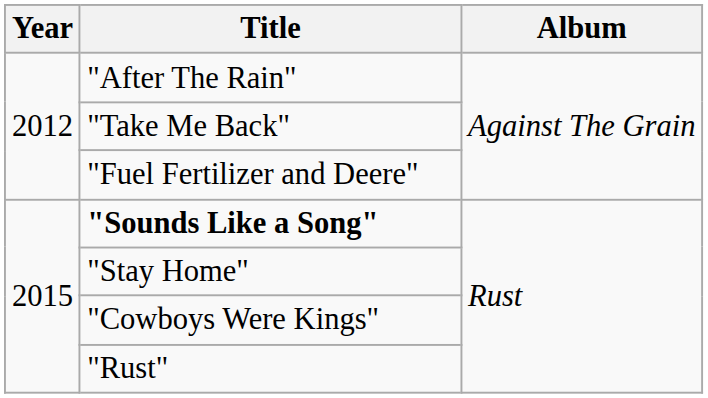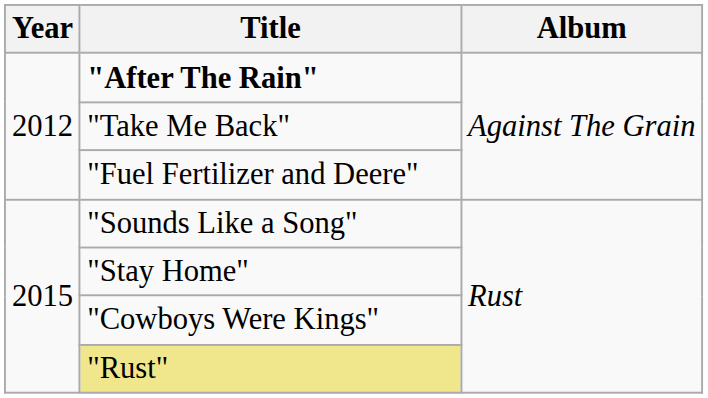 <table class="wikitable plainrowheaders">
 <tr>
 <th>Year</th>
 <th style="width:12em;">Title</th>
 <th>Album</th>
 </tr>
 <tr>
 <td rowspan="3">2012</td>
-<td>"After The Rain"</td>
+<td><strong>"After The Rain"</strong></td>
 <td rowspan="3"><em>Against The Grain</em></td>
 </tr>
 <tr>
 <td>"Take Me Back"</td>
 </tr>
 <tr>
 <td>"Fuel Fertilizer and Deere"</td>
 </tr>
 <tr>
 <td rowspan="4">2015</td>
-<td scope="row"><strong>"Sounds Like a Song"</strong></td>
+<td scope="row">"Sounds Like a Song"</td>
 <td rowspan="4"><em>Rust</em></td>
 </tr>
 <tr>
 <td scope="row">"Stay Home"</td>
 </tr>
 <tr>
 <td scope="row">"Cowboys Were Kings"</td>
 </tr>
 <tr>
-<td>"Rust"</td>
+<td style="background: khaki;">"Rust"</td>
 </tr>
 </table>
